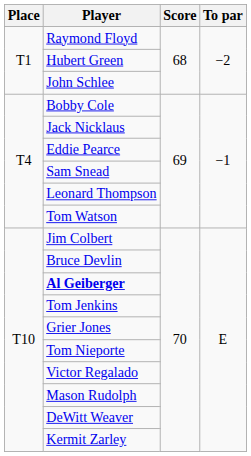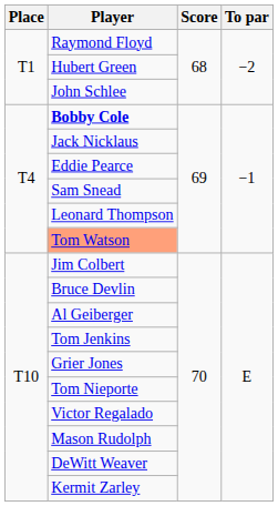 <table class=wikitable>
 <tr>
 <th>Place</th>
 <th>Player</th>
 <th>Score</th>
 <th>To par</th>
 </tr>
 <tr>
 <td rowspan=3 align=center>T1</td>
 <td> <a href='#'>Raymond Floyd</a></td>
 <td rowspan=3 align=center>68</td>
 <td rowspan=3 align=center>−2</td>
 </tr>
 <tr>
 <td> <a href='#'>Hubert Green</a></td>
 </tr>
 <tr>
 <td> <a href='#'>John Schlee</a></td>
 </tr>
 <tr>
 <td rowspan=6 align=center>T4</td>
-<td> <a href='#'>Bobby Cole</a></td>
+<td><strong> <a href='#'>Bobby Cole</a></strong></td>
 <td rowspan=6 align=center>69</td>
 <td rowspan=6 align=center>−1</td>
 </tr>
 <tr>
 <td> <a href='#'>Jack Nicklaus</a></td>
 </tr>
 <tr>
 <td> <a href='#'>Eddie Pearce</a></td>
 </tr>
 <tr>
 <td> <a href='#'>Sam Snead</a></td>
 </tr>
 <tr>
 <td> <a href='#'>Leonard Thompson</a></td>
 </tr>
 <tr>
-<td> <a href='#'>Tom Watson</a></td>
+<td style="background: lightsalmon;"> <a href='#'>Tom Watson</a></td>
 </tr>
 <tr>
 <td rowspan=10 align=center>T10</td>
 <td> <a href='#'>Jim Colbert</a></td>
 <td rowspan=10 align=center>70</td>
 <td rowspan=10 align=center>E</td>
 </tr>
 <tr>
 <td> <a href='#'>Bruce Devlin</a></td>
 </tr>
 <tr>
-<td><strong> <a href='#'>Al Geiberger</a></strong></td>
+<td> <a href='#'>Al Geiberger</a></td>
 </tr>
 <tr>
 <td> <a href='#'>Tom Jenkins</a></td>
 </tr>
 <tr>
 <td> <a href='#'>Grier Jones</a></td>
 </tr>
 <tr>
 <td> <a href='#'>Tom Nieporte</a></td>
 </tr>
 <tr>
 <td> <a href='#'>Victor Regalado</a></td>
 </tr>
 <tr>
 <td> <a href='#'>Mason Rudolph</a></td>
 </tr>
 <tr>
 <td> <a href='#'>DeWitt Weaver</a></td>
 </tr>
 <tr>
 <td> <a href='#'>Kermit Zarley</a></td>
 </tr>
 </table>
